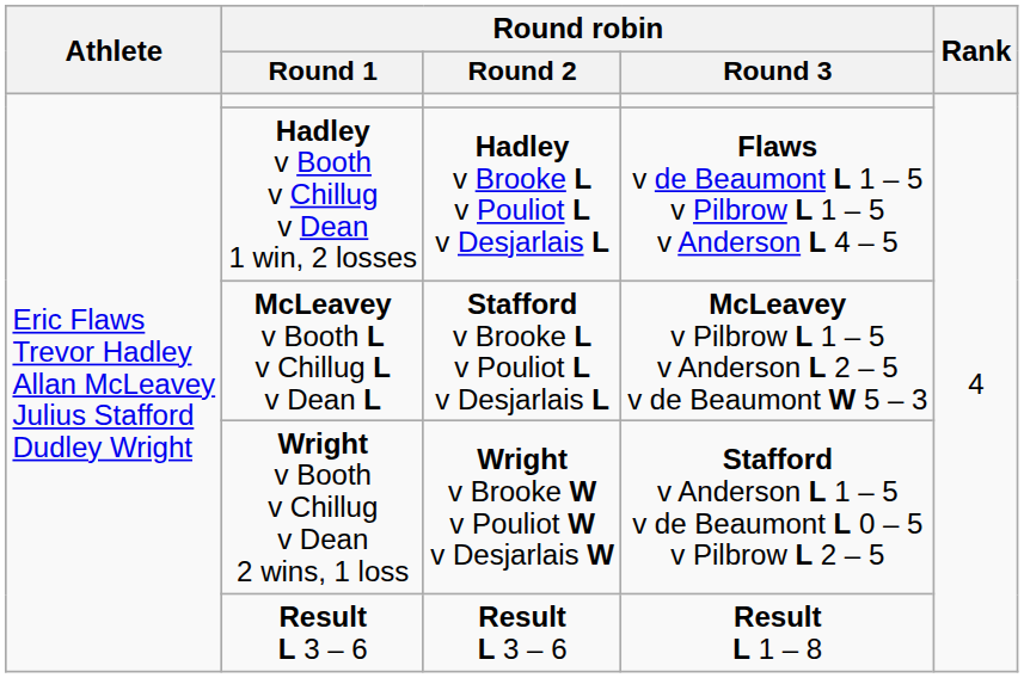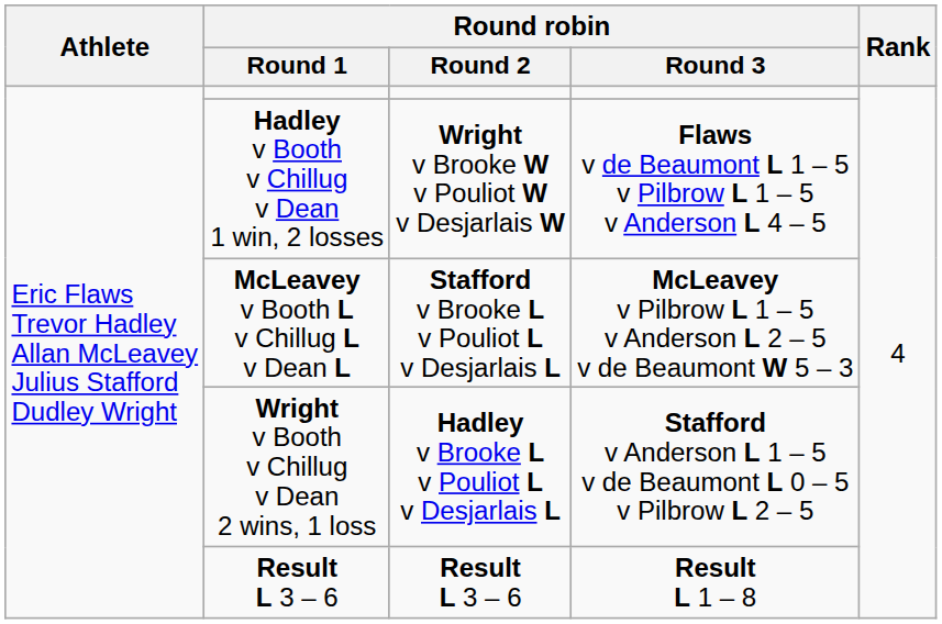 <table class=wikitable style="font-size:90%;text-align:center">
 <tr>
 <th rowspan="2">Athlete</th>
 <th colspan=3>Round robin</th>
 <th rowspan=2>Rank</th>
 </tr>
 <tr style="font-size:95%">
 <th>Round 1</th>
 <th>Round 2</th>
 <th>Round 3</th>
 </tr>
 <tr>
 <td rowspan=5 style="text-align:left;"><a href='#'>Eric Flaws</a><br><a href='#'>Trevor Hadley</a><br><a href='#'>Allan McLeavey</a><br><a href='#'>Julius Stafford</a><br><a href='#'>Dudley Wright</a></td>
 <td></td>
 <td></td>
 <td></td>
 <td rowspan=5>4</td>
 </tr>
 <tr>
 <td><strong>Hadley</strong><br>v <a href='#'>Booth</a><br>v <a href='#'>Chillug</a><br>v <a href='#'>Dean</a><br> 1 win, 2 losses</td>
-<td><strong>Hadley</strong><br>v <a href='#'>Brooke</a> <strong>L</strong><br>v <a href='#'>Pouliot</a> <strong>L</strong><br>v <a href='#'>Desjarlais</a> <strong>L</strong></td>
+<td><strong>Wright</strong><br>v Brooke <strong>W</strong><br>v Pouliot <strong>W</strong><br>v Desjarlais <strong>W</strong></td>
 <td><strong>Flaws</strong><br>v <a href='#'>de Beaumont</a> <strong>L</strong> 1 – 5<br>v <a href='#'>Pilbrow</a> <strong>L</strong> 1 – 5<br>v <a href='#'>Anderson</a> <strong>L</strong> 4 – 5</td>
 </tr>
 <tr>
 <td><strong>McLeavey</strong><br>v Booth <strong>L</strong><br>v Chillug <strong>L</strong><br>v Dean <strong>L</strong></td>
 <td><strong>Stafford</strong><br>v Brooke <strong>L</strong><br>v Pouliot <strong>L</strong><br>v Desjarlais <strong>L</strong></td>
 <td><strong>McLeavey</strong><br>v Pilbrow <strong>L</strong> 1 – 5<br>v Anderson <strong>L</strong> 2 – 5<br>v de Beaumont <strong>W</strong> 5 – 3</td>
 </tr>
 <tr>
 <td><strong>Wright</strong><br>v Booth<br>v Chillug<br>v Dean<br>2 wins, 1 loss</td>
-<td><strong>Wright</strong><br>v Brooke <strong>W</strong><br>v Pouliot <strong>W</strong><br>v Desjarlais <strong>W</strong></td>
+<td><strong>Hadley</strong><br>v <a href='#'>Brooke</a> <strong>L</strong><br>v <a href='#'>Pouliot</a> <strong>L</strong><br>v <a href='#'>Desjarlais</a> <strong>L</strong></td>
 <td><strong>Stafford</strong><br>v Anderson <strong>L</strong> 1 – 5<br>v de Beaumont <strong>L</strong> 0 – 5<br>v Pilbrow <strong>L</strong> 2 – 5</td>
 </tr>
 <tr>
 <td><strong>Result</strong><br><strong>L</strong> 3 – 6</td>
 <td><strong>Result</strong><br><strong>L</strong> 3 – 6</td>
 <td><strong>Result</strong><br><strong>L</strong> 1 – 8</td>
 </tr>
 </table>
